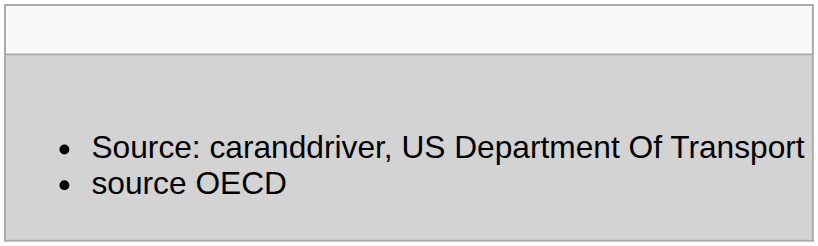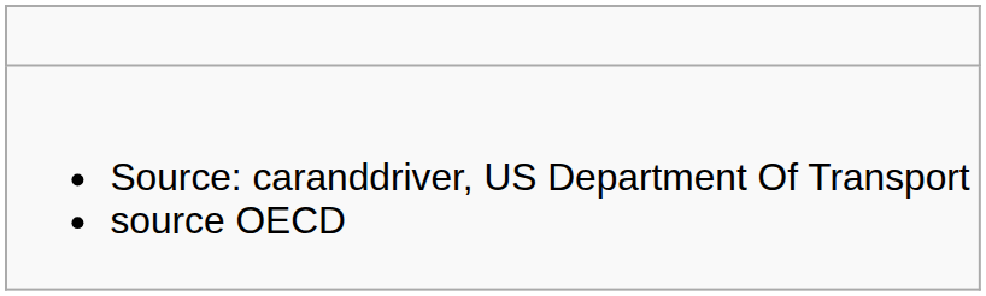 <table class="wikitable">
 <tr>
 <td><br></td>
 </tr>
 <tr>
-<td style="background: lightgrey;"><br><ul><li>Source: caranddriver, US Department Of Transport</li><li>source OECD</li></ul></td>
+<td><br><ul><li>Source: caranddriver, US Department Of Transport</li><li>source OECD</li></ul></td>
 </tr>
 </table>
